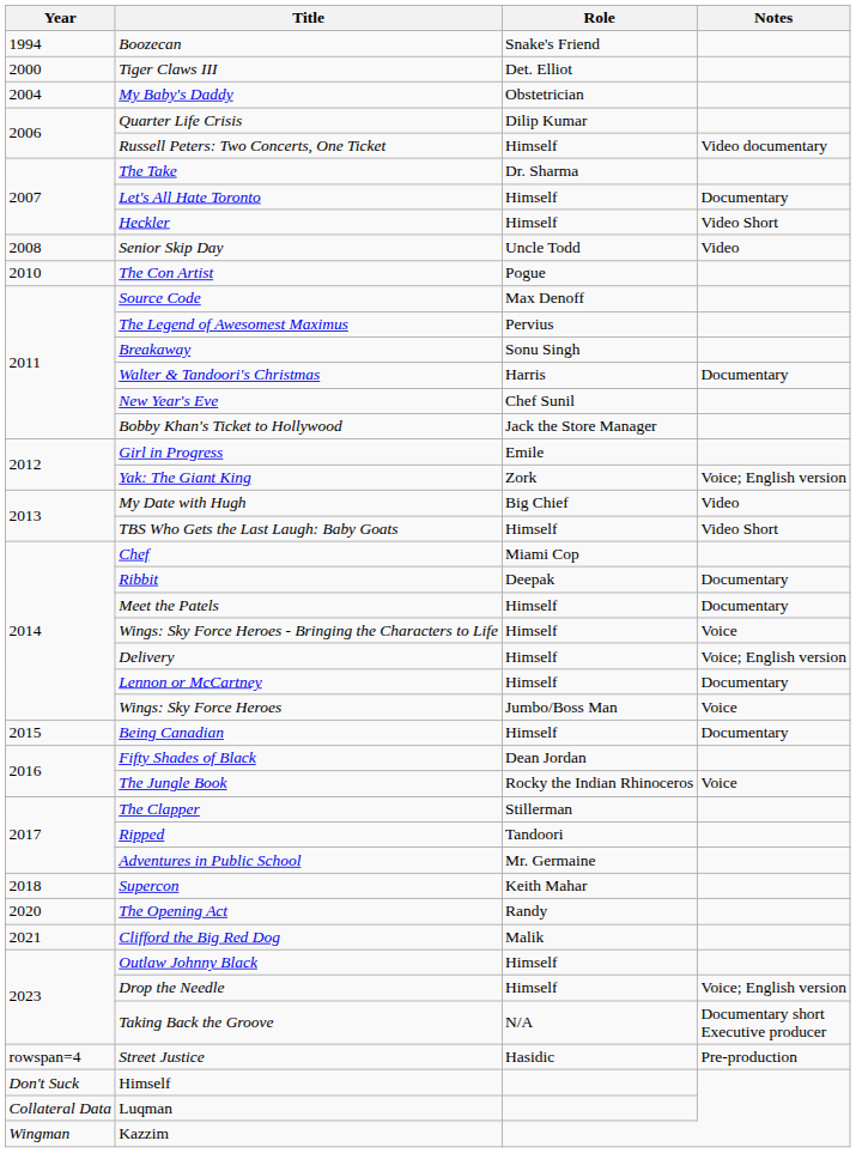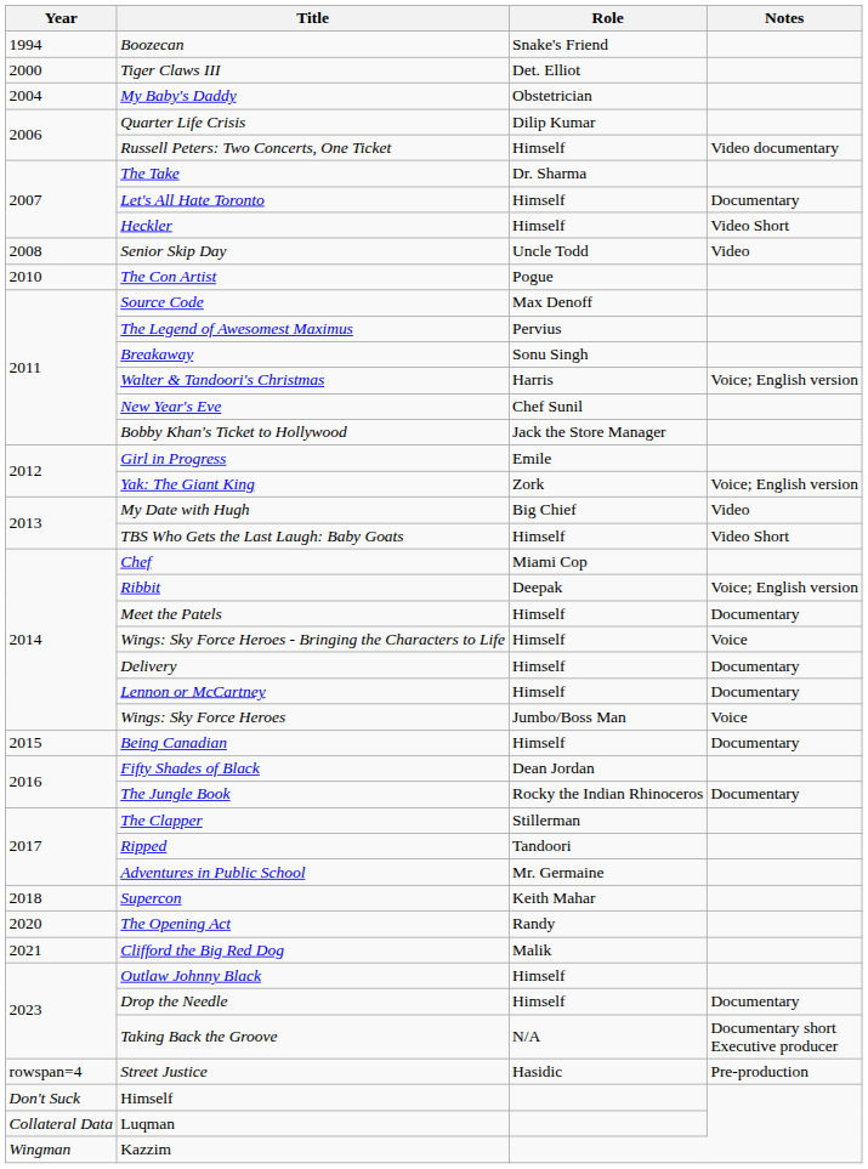 <table class="wikitable plainrowheaders sortable" style="margin-right: 0;">
 <tr>
 <th scope="col">Year</th>
 <th scope="col">Title</th>
 <th scope="col">Role</th>
 <th scope="col" class="unsortable">Notes</th>
 </tr>
 <tr>
 <td>1994</td>
 <td><em>Boozecan</em></td>
 <td>Snake's Friend</td>
 <td></td>
 </tr>
 <tr>
 <td>2000</td>
 <td><em>Tiger Claws III</em></td>
 <td>Det. Elliot</td>
 <td></td>
 </tr>
 <tr>
 <td>2004</td>
 <td><em><a href='#'>My Baby's Daddy</a></em></td>
 <td>Obstetrician</td>
 <td></td>
 </tr>
 <tr>
 <td rowspan="2">2006</td>
 <td><em>Quarter Life Crisis</em></td>
 <td>Dilip Kumar</td>
 <td></td>
 </tr>
 <tr>
 <td><em>Russell Peters: Two Concerts, One Ticket</em></td>
 <td>Himself</td>
 <td>Video documentary</td>
 </tr>
 <tr>
 <td rowspan="3">2007</td>
 <td data-sort-value="Take, The"><em><a href='#'>The Take</a></em></td>
 <td>Dr. Sharma</td>
 <td></td>
 </tr>
 <tr>
 <td><em><a href='#'>Let's All Hate Toronto</a></em></td>
 <td>Himself</td>
 <td>Documentary</td>
 </tr>
 <tr>
 <td><em><a href='#'>Heckler</a></em></td>
 <td>Himself</td>
 <td>Video Short</td>
 </tr>
 <tr>
 <td>2008</td>
 <td><em>Senior Skip Day</em></td>
 <td>Uncle Todd</td>
 <td>Video</td>
 </tr>
 <tr>
 <td>2010</td>
 <td data-sort-value="Con Artist, The"><em><a href='#'>The Con Artist</a></em></td>
 <td>Pogue</td>
 <td></td>
 </tr>
 <tr>
 <td rowspan="6">2011</td>
 <td><em><a href='#'>Source Code</a></em></td>
 <td>Max Denoff</td>
 <td></td>
 </tr>
 <tr>
 <td data-sort-value="Legend of Awesomest Maximus, The"><em><a href='#'>The Legend of Awesomest Maximus</a></em></td>
 <td>Pervius</td>
 <td></td>
 </tr>
 <tr>
 <td><em><a href='#'>Breakaway</a></em></td>
 <td>Sonu Singh</td>
 <td></td>
 </tr>
 <tr>
 <td><em><a href='#'>Walter & Tandoori's Christmas</a></em></td>
 <td>Harris</td>
-<td>Documentary</td>
+<td>Voice; English version</td>
 </tr>
 <tr>
 <td><em><a href='#'>New Year's Eve</a></em></td>
 <td>Chef Sunil</td>
 <td></td>
 </tr>
 <tr>
 <td><em>Bobby Khan's Ticket to Hollywood</em></td>
 <td>Jack the Store Manager</td>
 <td></td>
 </tr>
 <tr>
 <td rowspan="2">2012</td>
 <td><em><a href='#'>Girl in Progress</a></em></td>
 <td>Emile</td>
 <td></td>
 </tr>
 <tr>
 <td><em><a href='#'>Yak: The Giant King</a></em></td>
 <td>Zork</td>
 <td>Voice; English version</td>
 </tr>
 <tr>
 <td rowspan="2">2013</td>
 <td><em>My Date with Hugh</em></td>
 <td>Big Chief</td>
 <td>Video</td>
 </tr>
 <tr>
 <td><em>TBS Who Gets the Last Laugh: Baby Goats</em></td>
 <td>Himself</td>
 <td>Video Short</td>
 </tr>
 <tr>
 <td rowspan="7">2014</td>
 <td><em><a href='#'>Chef</a></em></td>
 <td>Miami Cop</td>
 <td></td>
 </tr>
 <tr>
 <td><em><a href='#'>Ribbit</a></em></td>
 <td>Deepak</td>
-<td>Documentary</td>
+<td>Voice; English version</td>
 </tr>
 <tr>
 <td><em>Meet the Patels</em></td>
 <td>Himself</td>
 <td>Documentary</td>
 </tr>
 <tr>
 <td><em>Wings: Sky Force Heroes - Bringing the Characters to Life</em></td>
 <td>Himself</td>
 <td>Voice</td>
 </tr>
 <tr>
 <td><em>Delivery</em></td>
 <td>Himself</td>
-<td>Voice; English version</td>
+<td>Documentary</td>
 </tr>
 <tr>
 <td><em><a href='#'>Lennon or McCartney</a></em></td>
 <td>Himself</td>
 <td>Documentary</td>
 </tr>
 <tr>
 <td><em>Wings: Sky Force Heroes</em></td>
 <td>Jumbo/Boss Man</td>
 <td>Voice</td>
 </tr>
 <tr>
 <td>2015</td>
 <td><em><a href='#'>Being Canadian</a></em></td>
 <td>Himself</td>
 <td>Documentary</td>
 </tr>
 <tr>
 <td rowspan="2">2016</td>
 <td><em><a href='#'>Fifty Shades of Black</a></em></td>
 <td>Dean Jordan</td>
 <td></td>
 </tr>
 <tr>
 <td data-sort-value="Jungle Book, The"><em><a href='#'>The Jungle Book</a></em></td>
 <td>Rocky the Indian Rhinoceros</td>
-<td>Voice</td>
+<td>Documentary</td>
 </tr>
 <tr>
 <td rowspan="3">2017</td>
 <td data-sort-value="Clapper, The"><em><a href='#'>The Clapper</a></em></td>
 <td>Stillerman</td>
 <td></td>
 </tr>
 <tr>
 <td><em><a href='#'>Ripped</a></em></td>
 <td>Tandoori</td>
 <td></td>
 </tr>
 <tr>
 <td><em><a href='#'>Adventures in Public School</a></em></td>
 <td>Mr. Germaine</td>
 <td></td>
 </tr>
 <tr>
 <td>2018</td>
 <td><em><a href='#'>Supercon</a></em></td>
 <td>Keith Mahar</td>
 <td></td>
 </tr>
 <tr>
 <td>2020</td>
 <td data-sort-value="Opening Act, The"><em><a href='#'>The Opening Act</a></em></td>
 <td>Randy</td>
 <td></td>
 </tr>
 <tr>
 <td>2021</td>
 <td><em><a href='#'>Clifford the Big Red Dog</a></em></td>
 <td>Malik</td>
 <td></td>
 </tr>
 <tr>
 <td rowspan=3>2023</td>
 <td><em><a href='#'>Outlaw Johnny Black</a></em></td>
 <td>Himself</td>
 </tr>
 <tr>
 <td><em>Drop the Needle</em></td>
 <td>Himself</td>
-<td>Voice; English version</td>
+<td>Documentary</td>
 </tr>
 <tr>
 <td><em>Taking Back the Groove</em></td>
 <td>N/A</td>
 <td>Documentary short<br> Executive producer</td>
 </tr>
 <tr>
 <td>rowspan=4 </td>
 <td><em>Street Justice</em></td>
 <td>Hasidic</td>
 <td>Pre-production</td>
 </tr>
 <tr>
 <td><em>Don't Suck</em></td>
 <td>Himself</td>
 <td></td>
 </tr>
 <tr>
 <td><em>Collateral Data</em></td>
 <td>Luqman</td>
 <td></td>
 </tr>
 <tr>
 <td><em>Wingman</em></td>
 <td>Kazzim</td>
 </tr>
 </table>
